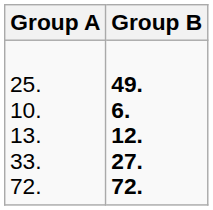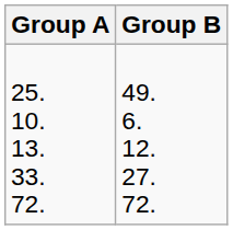 <table class=wikitable>
 <tr>
 <th width=50%>Group A</th>
 <th width=50%>Group B</th>
 </tr>
 <tr>
 <td><br>25. <br> 10. <br> 13. <br> 33. <br> 72. </td>
-<td><strong><br>49. <br> 6. <br> 12. <br> 27. <br> 72. </strong></td>
+<td><br>49. <br> 6. <br> 12. <br> 27. <br> 72. </td>
 </tr>
 </table>
